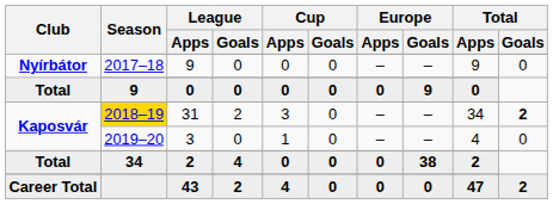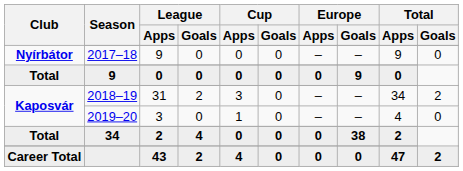 <table class="wikitable" style="font-size:90%; text-align: center;">
 <tr>
 <th rowspan="2">Club</th>
 <th rowspan="2">Season</th>
 <th colspan="2">League</th>
 <th colspan="2">Cup</th>
 <th colspan="2">Europe</th>
 <th colspan="2">Total</th>
 </tr>
 <tr>
 <th>Apps</th>
 <th>Goals</th>
 <th>Apps</th>
 <th>Goals</th>
 <th>Apps</th>
 <th>Goals</th>
 <th>Apps</th>
 <th>Goals</th>
 </tr>
 <tr ||-||-||-|->
 <td rowspan="3" valign="center"><strong><a href='#'>Nyírbátor</a></strong></td>
 </tr>
 <tr>
 <td><a href='#'>2017–18</a></td>
 <td>9</td>
 <td>0</td>
 <td>0</td>
 <td>0</td>
 <td>–</td>
 <td>–</td>
 <td>9</td>
 <td>0</td>
 </tr>
 <tr>
 </tr>
 <tr style="font-weight:bold; background-color:#eeeeee;">
 <td>Total</td>
 <td>9</td>
 <td>0</td>
 <td>0</td>
 <td>0</td>
 <td>0</td>
 <td>0</td>
 <td>9</td>
 <td>0</td>
 </tr>
 <tr>
 <td rowspan="4" valign="center"><strong><a href='#'>Kaposvár</a></strong></td>
 </tr>
 <tr>
-<td style="background: gold;"><a href='#'>2018–19</a></td>
+<td><a href='#'>2018–19</a></td>
 <td>31</td>
 <td>2</td>
 <td>3</td>
 <td>0</td>
 <td>–</td>
 <td>–</td>
 <td>34</td>
-<td><strong>2</strong></td>
+<td>2</td>
 </tr>
 <tr>
 <td><a href='#'>2019–20</a></td>
 <td>3</td>
 <td>0</td>
 <td>1</td>
 <td>0</td>
 <td>–</td>
 <td>–</td>
 <td>4</td>
 <td>0</td>
 </tr>
 <tr>
 </tr>
 <tr style="font-weight:bold; background-color:#eeeeee;">
 <td>Total</td>
 <td>34</td>
 <td>2</td>
 <td>4</td>
 <td>0</td>
 <td>0</td>
 <td>0</td>
 <td>38</td>
 <td>2</td>
 </tr>
 <tr>
 </tr>
 <tr style="font-weight:bold; background-color:#eeeeee;">
 <td rowspan="2" valign="top"><strong>Career Total</strong></td>
 <td></td>
 <td><strong>43</strong></td>
 <td><strong>2</strong></td>
 <td><strong>4</strong></td>
 <td><strong>0</strong></td>
 <td><strong>0</strong></td>
 <td><strong>0</strong></td>
 <td><strong>47</strong></td>
 <td><strong>2</strong></td>
 </tr>
 </table>
